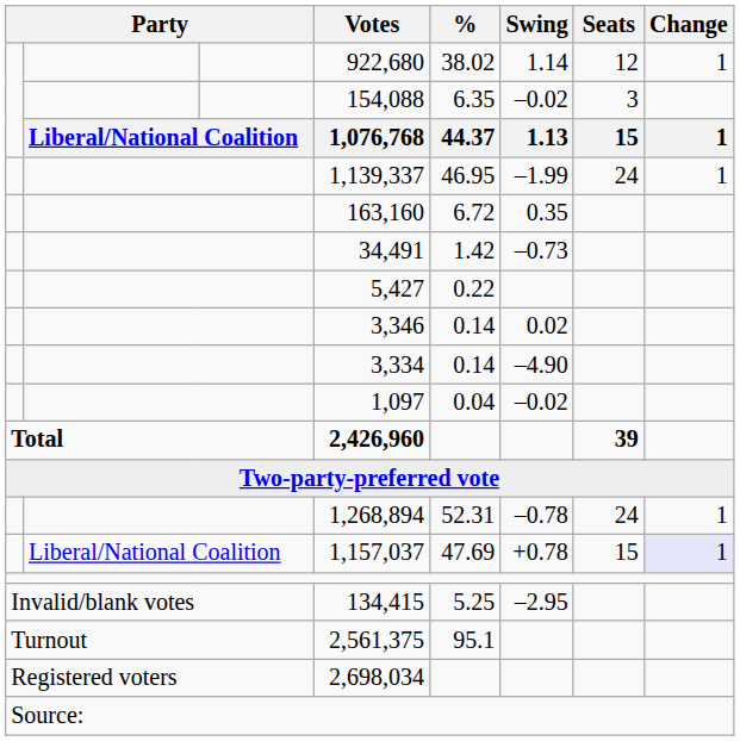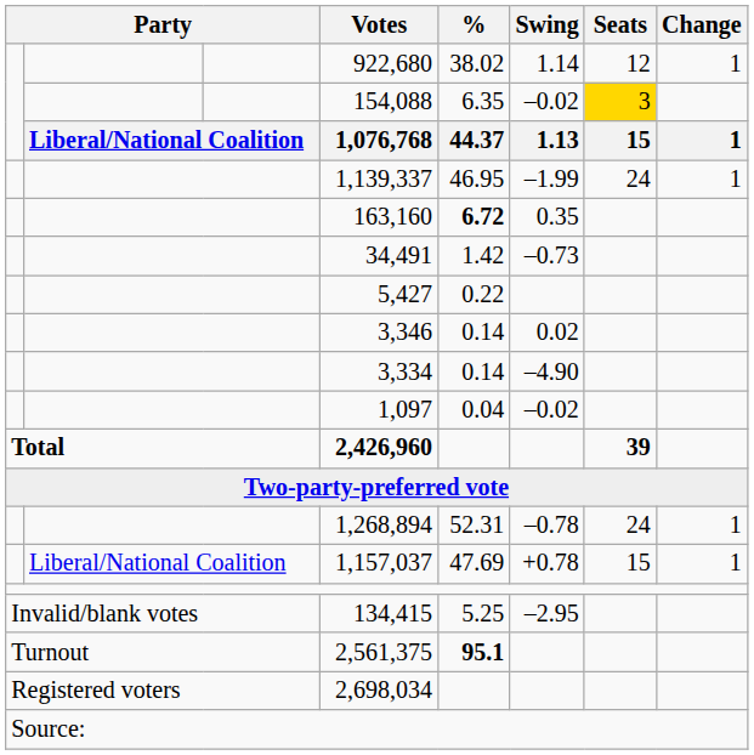 <table class="wikitable">
 <tr>
 <th colspan="3" style="width:200px"><strong>Party</strong></th>
 <th style="width:70px; text-align:center;"><strong>Votes</strong></th>
 <th style="width:40px; text-align:center;"><strong>%</strong></th>
 <th style="width:40px; text-align:center;"><strong>Swing</strong></th>
 <th style="width:40px; text-align:center;"><strong>Seats</strong></th>
 <th style="width:40px; text-align:center;"><strong>Change</strong></th>
 </tr>
 <tr>
 <td rowspan="3"> </td>
 <td> </td>
 <td></td>
 <td align=right>922,680</td>
 <td align=right>38.02</td>
 <td align=right>1.14</td>
 <td align=right>12</td>
 <td align=right> 1</td>
 </tr>
 <tr>
 <td> </td>
 <td></td>
 <td align=right>154,088</td>
 <td align=right>6.35</td>
 <td align=right>–0.02</td>
-<td align=right>3</td>
+<td align=right style="background: gold;">3</td>
 <td align=right></td>
 </tr>
 <tr>
 <th colspan="2" style="text-align:left;"><a href='#'>Liberal/National Coalition</a></th>
 <th style="text-align:right;">1,076,768</th>
 <th style="text-align:right;">44.37</th>
 <th style="text-align:right;">1.13</th>
 <th style="text-align:right;">15</th>
 <th style="text-align:right;"> 1</th>
 </tr>
 <tr>
 <td> </td>
 <td colspan=2></td>
 <td align=right>1,139,337</td>
 <td align=right>46.95</td>
 <td align=right>–1.99</td>
 <td align=right>24</td>
 <td align=right> 1</td>
 </tr>
 <tr>
 <td> </td>
 <td colspan=2></td>
 <td align=right>163,160</td>
-<td align=right>6.72</td>
+<td align=right><strong>6.72</strong></td>
 <td align=right>0.35</td>
 <td align=right></td>
 <td align=right></td>
 </tr>
 <tr>
 <td> </td>
 <td colspan=2></td>
 <td align=right>34,491</td>
 <td align=right>1.42</td>
 <td align=right>–0.73</td>
 <td align=right></td>
 <td align=right></td>
 </tr>
 <tr>
 <td> </td>
 <td colspan=2></td>
 <td align=right>5,427</td>
 <td align=right>0.22</td>
 <td align=right></td>
 <td align=right></td>
 <td align=right></td>
 </tr>
 <tr>
 <td> </td>
 <td colspan=2></td>
 <td align=right>3,346</td>
 <td align=right>0.14</td>
 <td align=right>0.02</td>
 <td align=right></td>
 <td align=right></td>
 </tr>
 <tr>
 <td> </td>
 <td colspan=2></td>
 <td align=right>3,334</td>
 <td align=right>0.14</td>
 <td align=right>–4.90</td>
 <td align=right></td>
 <td align=right></td>
 </tr>
 <tr>
 <td> </td>
 <td colspan=2></td>
 <td align=right>1,097</td>
 <td align=right>0.04</td>
 <td align=right>–0.02</td>
 <td align=right></td>
 <td align=right></td>
 </tr>
 <tr>
 <td colspan="3" align="left"><strong>Total</strong></td>
 <td align=right><strong>2,426,960</strong></td>
 <td align=right></td>
 <td align=right></td>
 <td align=right><strong>39</strong></td>
 <td align=right></td>
 </tr>
 <tr>
 <td colspan="8" style="text-align:center; background:#eee;"><strong><a href='#'>Two-party-preferred vote</a></strong></td>
 </tr>
 <tr>
 <td> </td>
 <td colspan=2></td>
 <td align=right>1,268,894</td>
 <td align=right>52.31</td>
 <td align=right>–0.78</td>
 <td align=right>24</td>
 <td align=right> 1</td>
 </tr>
 <tr>
 <td> </td>
 <td colspan=2><a href='#'>Liberal/National Coalition</a></td>
 <td align=right>1,157,037</td>
 <td align=right>47.69</td>
 <td align=right>+0.78</td>
 <td align=right>15</td>
-<td align=right style="background: lavender;"> 1</td>
+<td align=right> 1</td>
 </tr>
 <tr>
 <td colspan="8"></td>
 </tr>
 <tr>
 <td colspan="3" style="text-align:left;">Invalid/blank votes</td>
 <td align="right">134,415</td>
 <td align="right">5.25</td>
 <td align="right">–2.95</td>
 <td></td>
 <td></td>
 </tr>
 <tr>
 <td colspan="3" style="text-align:left;">Turnout</td>
 <td align="right">2,561,375</td>
-<td align="right">95.1</td>
+<td align="right"><strong>95.1</strong></td>
 <td align="right"></td>
 <td></td>
 <td></td>
 </tr>
 <tr>
 <td colspan="3" style="text-align:left;">Registered voters</td>
 <td align="right">2,698,034</td>
 <td></td>
 <td></td>
 <td></td>
 <td></td>
 </tr>
 <tr>
 <td colspan="8" align="left">Source: </td>
 </tr>
 </table>
